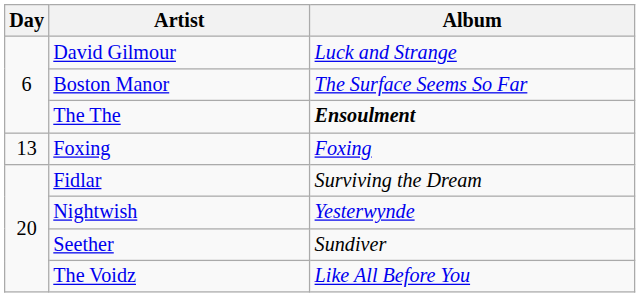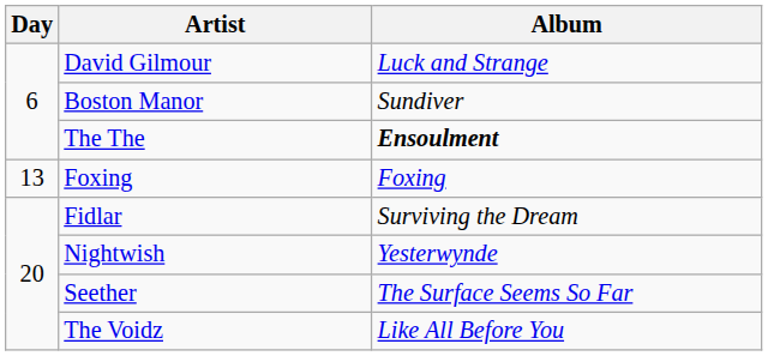 <table class="wikitable" id="table_September">
 <tr>
 <th style="width:20px;">Day</th>
 <th style="width:200px;">Artist</th>
 <th style="width:250px;">Album</th>
 </tr>
 <tr>
 <td style="text-align:center;" rowspan="3">6</td>
 <td><a href='#'>David Gilmour</a></td>
 <td><em><a href='#'>Luck and Strange</a></em></td>
 </tr>
 <tr>
 <td><a href='#'>Boston Manor</a></td>
-<td><em><a href='#'>The Surface Seems So Far</a></em></td>
+<td><em>Sundiver</em></td>
 </tr>
 <tr>
 <td><a href='#'>The The</a></td>
 <td><strong><em>Ensoulment</em></strong></td>
 </tr>
 <tr>
 <td style="text-align:center;" rowspan="1">13</td>
 <td><a href='#'>Foxing</a></td>
 <td><em><a href='#'>Foxing</a></em></td>
 </tr>
 <tr>
 <td style="text-align:center;" rowspan="4">20</td>
 <td><a href='#'>Fidlar</a></td>
 <td><em>Surviving the Dream</em></td>
 </tr>
 <tr>
 <td><a href='#'>Nightwish</a></td>
 <td><em><a href='#'>Yesterwynde</a></em></td>
 </tr>
 <tr>
 <td><a href='#'>Seether</a></td>
-<td><em>Sundiver</em></td>
+<td><em><a href='#'>The Surface Seems So Far</a></em></td>
 </tr>
 <tr>
 <td><a href='#'>The Voidz</a></td>
 <td><em><a href='#'>Like All Before You</a></em></td>
 </tr>
 </table>
